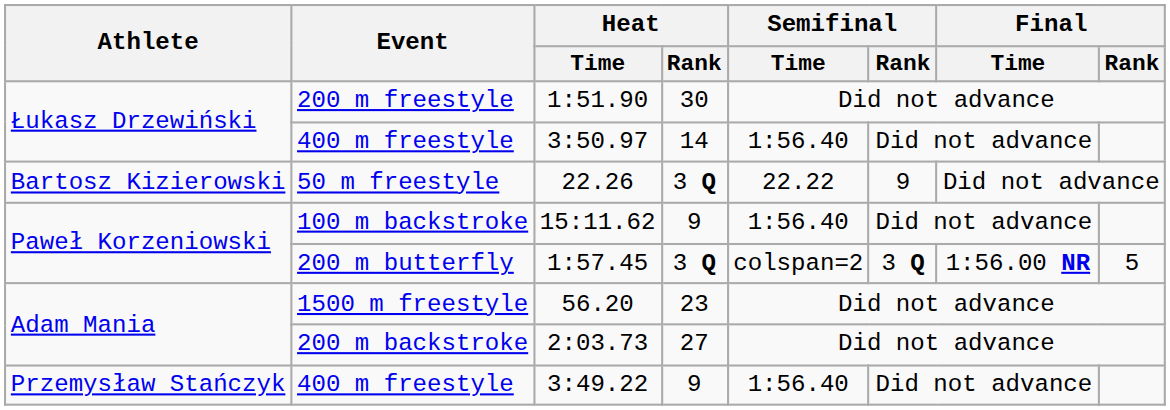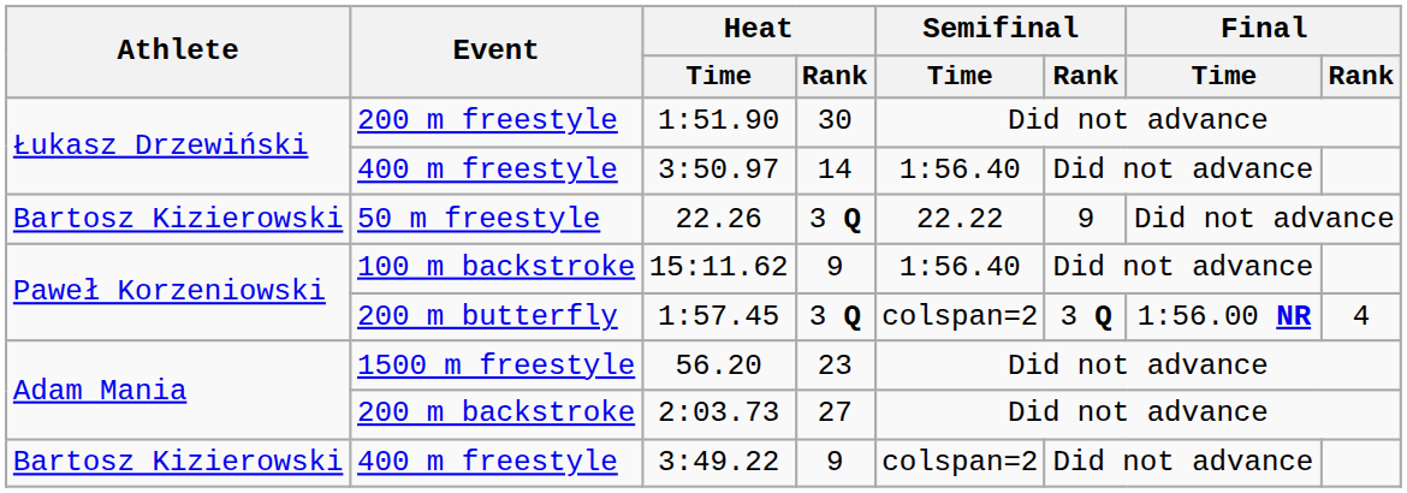 <table class=wikitable style="font-size:90%">
 <tr>
 <th rowspan="2">Athlete</th>
 <th rowspan="2">Event</th>
 <th colspan="2">Heat</th>
 <th colspan="2">Semifinal</th>
 <th colspan="2">Final</th>
 </tr>
 <tr style="font-size:95%">
 <th>Time</th>
 <th>Rank</th>
 <th>Time</th>
 <th>Rank</th>
 <th>Time</th>
 <th>Rank</th>
 </tr>
 <tr align=center>
 <td align=left rowspan=2><a href='#'>Łukasz Drzewiński</a></td>
 <td align=left><a href='#'>200 m freestyle</a></td>
 <td>1:51.90</td>
 <td>30</td>
 <td colspan=4>Did not advance</td>
 </tr>
 <tr align=center>
 <td align=left><a href='#'>400 m freestyle</a></td>
 <td>3:50.97</td>
 <td>14</td>
 <td>1:56.40</td>
 <td colspan=2>Did not advance</td>
 </tr>
 <tr align=center>
 <td align=left><a href='#'>Bartosz Kizierowski</a></td>
 <td align=left><a href='#'>50 m freestyle</a></td>
 <td>22.26</td>
 <td>3 <strong>Q</strong></td>
 <td>22.22</td>
 <td>9</td>
 <td colspan=2>Did not advance</td>
 </tr>
 <tr align=center>
 <td align=left rowspan=2><a href='#'>Paweł Korzeniowski</a></td>
 <td align=left><a href='#'>100 m backstroke</a></td>
 <td>15:11.62</td>
 <td>9</td>
 <td>1:56.40</td>
 <td colspan=2>Did not advance</td>
 </tr>
 <tr align=center>
 <td align=left><a href='#'>200 m butterfly</a></td>
 <td>1:57.45</td>
 <td>3 <strong>Q</strong></td>
 <td>colspan=2 </td>
 <td>3 <strong>Q</strong></td>
 <td>1:56.00 <strong><a href='#'>NR</a></strong></td>
-<td>5</td>
+<td>4</td>
 </tr>
 <tr align=center>
 <td align=left rowspan=2><a href='#'>Adam Mania</a></td>
 <td align=left><a href='#'>1500 m freestyle</a></td>
 <td>56.20</td>
 <td>23</td>
 <td colspan=4>Did not advance</td>
 </tr>
 <tr align=center>
 <td align=left><a href='#'>200 m backstroke</a></td>
 <td>2:03.73</td>
 <td>27</td>
 <td colspan=4>Did not advance</td>
 </tr>
 <tr align=center>
-<td align=left><a href='#'>Przemysław Stańczyk</a></td>
+<td align=left><a href='#'>Bartosz Kizierowski</a></td>
 <td align=left><a href='#'>400 m freestyle</a></td>
 <td>3:49.22</td>
 <td>9</td>
-<td>1:56.40</td>
+<td>colspan=2 </td>
 <td colspan=2>Did not advance</td>
 </tr>
 </table>
